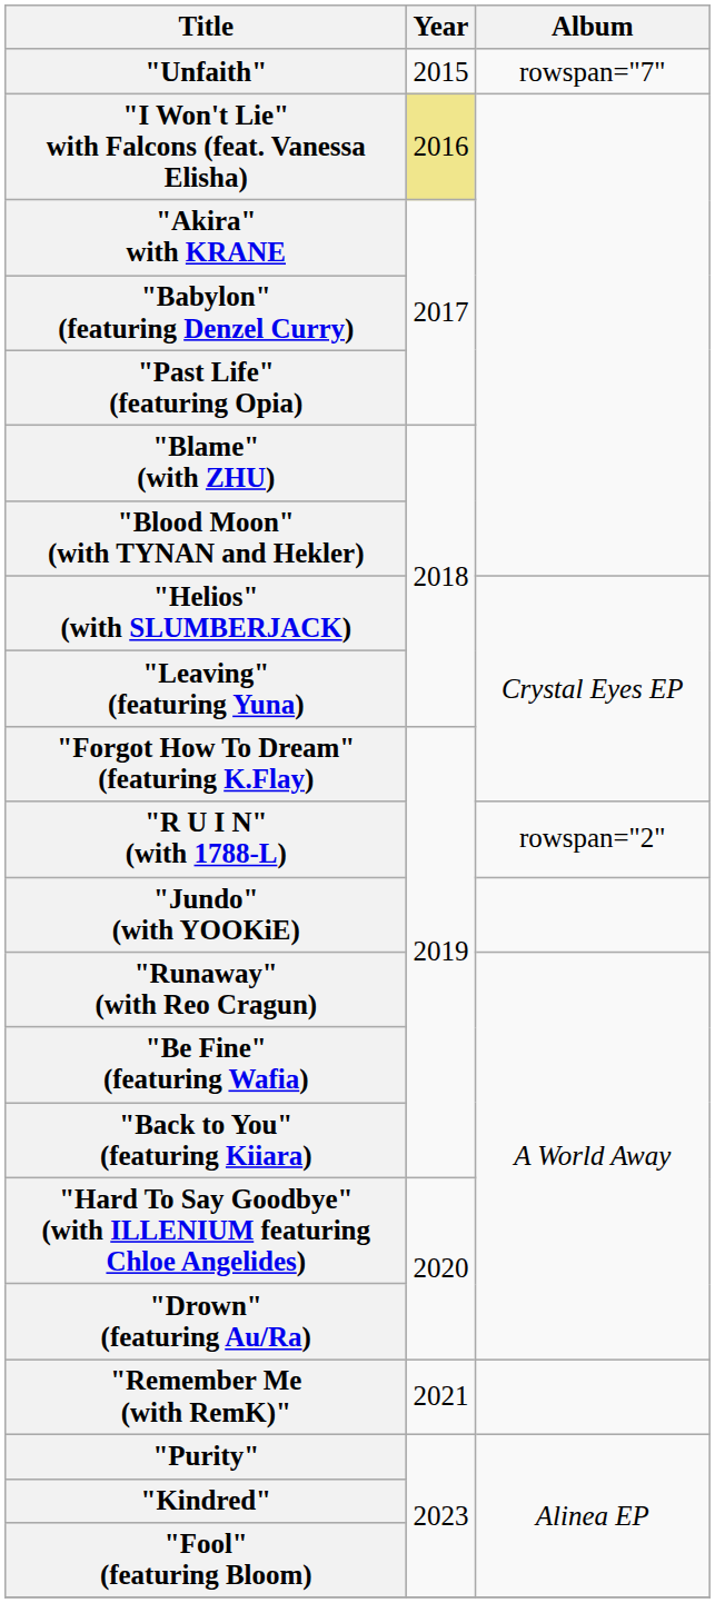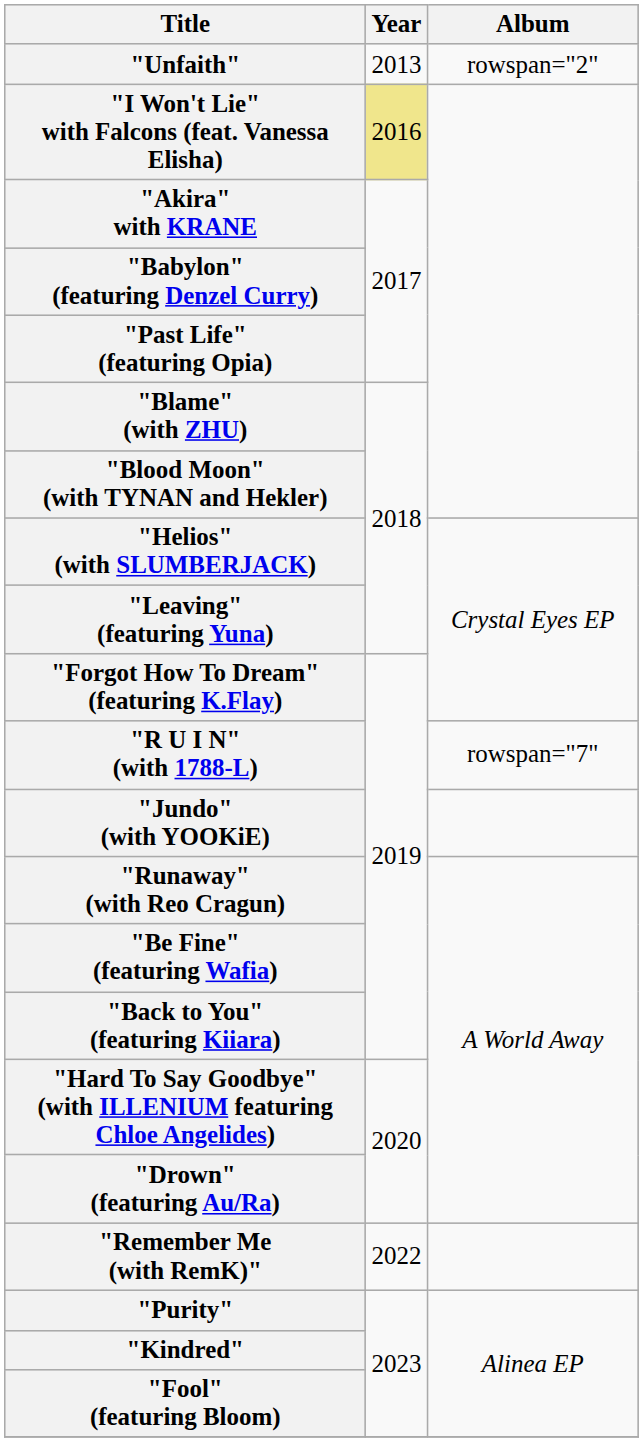 <table class="wikitable plainrowheaders" style="text-align:center;">
 <tr>
 <th scope="col" style="width:14em;">Title</th>
 <th scope="col" style="width:1em;">Year</th>
 <th scope="col" style="width:8em;">Album</th>
 </tr>
 <tr>
 <th scope="row">"Unfaith"</th>
-<td>2015</td>
-<td>rowspan="7" </td>
+<td>2013</td>
+<td>rowspan="2" </td>
 </tr>
 <tr>
 <th scope="row">"I Won't Lie"<br><span> with Falcons (feat. Vanessa Elisha)</span></th>
 <td rowspan="1" style="background: khaki;">2016</td>
 </tr>
 <tr>
 <th scope="row">"Akira"<br><span> with <a href='#'>KRANE</a> </span></th>
 <td rowspan="3">2017</td>
 </tr>
 <tr>
 <th scope="row">"Babylon"<br><span>(featuring <a href='#'>Denzel Curry</a>)</span> </th>
 </tr>
 <tr>
 <th scope="row">"Past Life" <br><span>(featuring Opia)</span> </th>
 </tr>
 <tr>
 <th scope="row">"Blame"<br><span>(with <a href='#'>ZHU</a>)</span></th>
 <td rowspan="4">2018</td>
 </tr>
 <tr>
 <th scope="row">"Blood Moon"<br><span>(with TYNAN and Hekler)</span> </th>
 </tr>
 <tr>
 <th scope="row">"Helios"<br><span>(with <a href='#'>SLUMBERJACK</a>)</span></th>
 <td rowspan="3"><em>Crystal Eyes EP</em></td>
 </tr>
 <tr>
 <th scope="row">"Leaving"<br><span>(featuring <a href='#'>Yuna</a>)</span></th>
 </tr>
 <tr>
 <th scope="row">"Forgot How To Dream"<br><span>(featuring <a href='#'>K.Flay</a>)</span></th>
 <td rowspan="6">2019</td>
 </tr>
 <tr>
 <th scope="row">"R U I N"<br><span>(with <a href='#'>1788-L</a>)</span></th>
-<td>rowspan="2" </td>
+<td>rowspan="7" </td>
 </tr>
 <tr>
 <th scope="row">"Jundo"<br><span>(with YOOKiE)</span></th>
 </tr>
 <tr>
 <th scope="row">"Runaway"<br><span>(with Reo Cragun)</span></th>
 <td rowspan="5"><em>A World Away</em></td>
 </tr>
 <tr>
 <th scope="row">"Be Fine"<br><span>(featuring <a href='#'>Wafia</a>)</span></th>
 </tr>
 <tr>
 <th scope="row">"Back to You"<br><span>(featuring <a href='#'>Kiiara</a>)</span></th>
 </tr>
 <tr>
 <th scope="row">"Hard To Say Goodbye"<br><span>(with <a href='#'>ILLENIUM</a> featuring <a href='#'>Chloe Angelides</a>)</span></th>
 <td rowspan="2">2020</td>
 </tr>
 <tr>
 <th scope="row">"Drown"<br><span>(featuring <a href='#'>Au/Ra</a>)</span></th>
 </tr>
 <tr>
 <th scope="row">"Remember Me<br><span>(with RemK)</span>" </th>
-<td rowspan="1">2021</td>
+<td rowspan="1">2022</td>
 <td></td>
 </tr>
 <tr>
 <th scope="row">"Purity"</th>
 <td rowspan="3">2023</td>
 <td rowspan="3"><em>Alinea EP</em></td>
 </tr>
 <tr>
 <th scope="row">"Kindred"</th>
 </tr>
 <tr>
 <th scope="row">"Fool"<br><span>(featuring Bloom)</span></th>
 </tr>
 <tr>
 </tr>
 </table>
